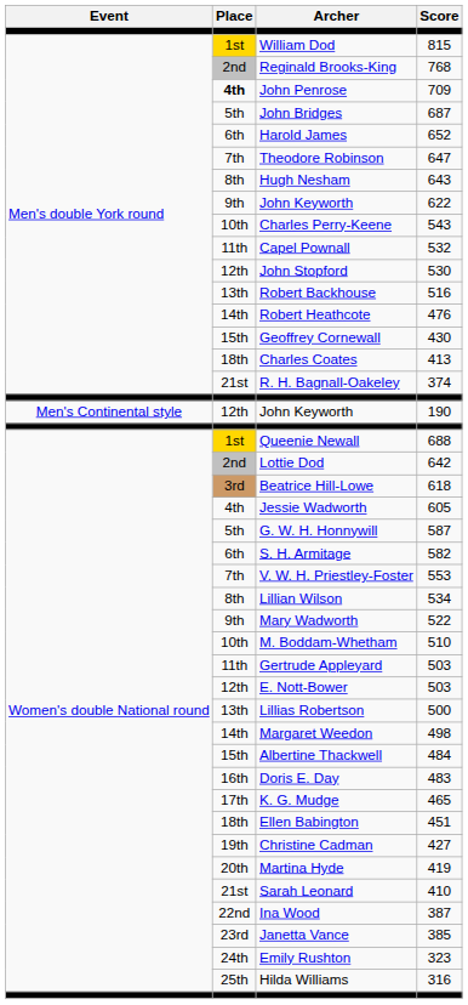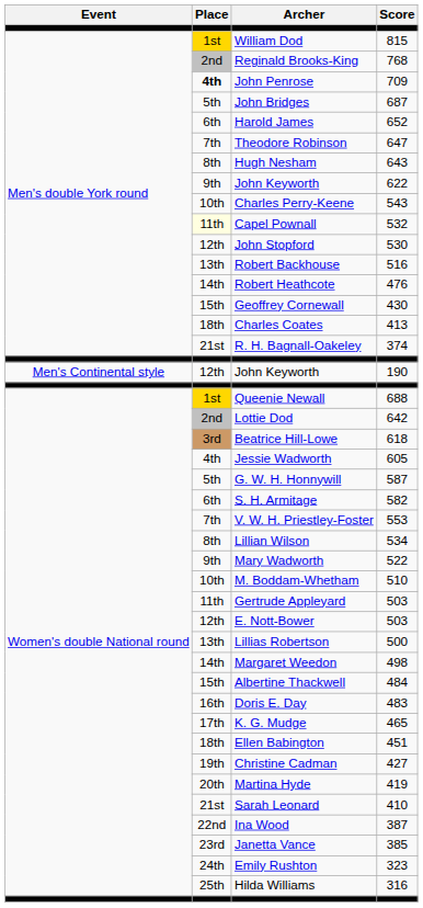 <table class=wikitable>
 <tr>
 <th>Event</th>
 <th>Place</th>
 <th>Archer</th>
 <th>Score</th>
 </tr>
 <tr bgcolor=black>
 <td></td>
 <td></td>
 <td></td>
 <td></td>
 </tr>
 <tr>
 <td rowspan=16 align=left><a href='#'>Men's double York round</a></td>
 <td bgcolor=gold align=center>1st</td>
 <td><a href='#'>William Dod</a></td>
 <td align=center>815</td>
 </tr>
 <tr>
 <td bgcolor=silver align=center>2nd</td>
 <td><a href='#'>Reginald Brooks-King</a></td>
 <td align=center>768</td>
 </tr>
 <tr>
 <td align=center><strong>4th</strong></td>
 <td><a href='#'>John Penrose</a></td>
 <td align=center>709</td>
 </tr>
 <tr>
 <td align=center>5th</td>
 <td><a href='#'>John Bridges</a></td>
 <td align=center>687</td>
 </tr>
 <tr>
 <td align=center>6th</td>
 <td><a href='#'>Harold James</a></td>
 <td align=center>652</td>
 </tr>
 <tr>
 <td align=center>7th</td>
 <td><a href='#'>Theodore Robinson</a></td>
 <td align=center>647</td>
 </tr>
 <tr>
 <td align=center>8th</td>
 <td><a href='#'>Hugh Nesham</a></td>
 <td align=center>643</td>
 </tr>
 <tr>
 <td align=center>9th</td>
 <td><a href='#'>John Keyworth</a></td>
 <td align=center>622</td>
 </tr>
 <tr>
 <td align=center>10th</td>
 <td><a href='#'>Charles Perry-Keene</a></td>
 <td align=center>543</td>
 </tr>
 <tr>
-<td align=center>11th</td>
+<td align=center style="background: lightyellow;">11th</td>
 <td><a href='#'>Capel Pownall</a></td>
 <td align=center>532</td>
 </tr>
 <tr>
 <td align=center>12th</td>
 <td><a href='#'>John Stopford</a></td>
 <td align=center>530</td>
 </tr>
 <tr>
 <td align=center>13th</td>
 <td><a href='#'>Robert Backhouse</a></td>
 <td align=center>516</td>
 </tr>
 <tr>
 <td align=center>14th</td>
 <td><a href='#'>Robert Heathcote</a></td>
 <td align=center>476</td>
 </tr>
 <tr>
 <td align=center>15th</td>
 <td><a href='#'>Geoffrey Cornewall</a></td>
 <td align=center>430</td>
 </tr>
 <tr>
 <td align=center>18th</td>
 <td><a href='#'>Charles Coates</a></td>
 <td align=center>413</td>
 </tr>
 <tr>
 <td align=center>21st</td>
 <td><a href='#'>R. H. Bagnall-Oakeley</a></td>
 <td align=center>374</td>
 </tr>
 <tr bgcolor=black>
 <td></td>
 <td></td>
 <td></td>
 <td></td>
 </tr>
 <tr>
 <td align=center align=left><a href='#'>Men's Continental style</a></td>
 <td align=center>12th</td>
 <td>John Keyworth</td>
 <td align=center>190</td>
 </tr>
 <tr bgcolor=black>
 <td></td>
 <td></td>
 <td></td>
 <td></td>
 </tr>
 <tr>
 <td rowspan=25 align=left><a href='#'>Women's double National round</a></td>
 <td bgcolor=gold align=center>1st</td>
 <td><a href='#'>Queenie Newall</a></td>
 <td align=center>688</td>
 </tr>
 <tr>
 <td bgcolor=silver align=center>2nd</td>
 <td><a href='#'>Lottie Dod</a></td>
 <td align=center>642</td>
 </tr>
 <tr>
 <td bgcolor=cc9966 align=center>3rd</td>
 <td><a href='#'>Beatrice Hill-Lowe</a></td>
 <td align=center>618</td>
 </tr>
 <tr>
 <td align=center>4th</td>
 <td><a href='#'>Jessie Wadworth</a></td>
 <td align=center>605</td>
 </tr>
 <tr>
 <td align=center>5th</td>
 <td><a href='#'>G. W. H. Honnywill</a></td>
 <td align=center>587</td>
 </tr>
 <tr>
 <td align=center>6th</td>
 <td><a href='#'>S. H. Armitage</a></td>
 <td align=center>582</td>
 </tr>
 <tr>
 <td align=center>7th</td>
 <td><a href='#'>V. W. H. Priestley-Foster</a></td>
 <td align=center>553</td>
 </tr>
 <tr>
 <td align=center>8th</td>
 <td><a href='#'>Lillian Wilson</a></td>
 <td align=center>534</td>
 </tr>
 <tr>
 <td align=center>9th</td>
 <td><a href='#'>Mary Wadworth</a></td>
 <td align=center>522</td>
 </tr>
 <tr>
 <td align=center>10th</td>
 <td><a href='#'>M. Boddam-Whetham</a></td>
 <td align=center>510</td>
 </tr>
 <tr>
 <td align=center>11th</td>
 <td><a href='#'>Gertrude Appleyard</a></td>
 <td align=center>503</td>
 </tr>
 <tr>
 <td align=center>12th</td>
 <td><a href='#'>E. Nott-Bower</a></td>
 <td align=center>503</td>
 </tr>
 <tr>
 <td align=center>13th</td>
 <td><a href='#'>Lillias Robertson</a></td>
 <td align=center>500</td>
 </tr>
 <tr>
 <td align=center>14th</td>
 <td><a href='#'>Margaret Weedon</a></td>
 <td align=center>498</td>
 </tr>
 <tr>
 <td align=center>15th</td>
 <td><a href='#'>Albertine Thackwell</a></td>
 <td align=center>484</td>
 </tr>
 <tr>
 <td align=center>16th</td>
 <td><a href='#'>Doris E. Day</a></td>
 <td align=center>483</td>
 </tr>
 <tr>
 <td align=center>17th</td>
 <td><a href='#'>K. G. Mudge</a></td>
 <td align=center>465</td>
 </tr>
 <tr>
 <td align=center>18th</td>
 <td><a href='#'>Ellen Babington</a></td>
 <td align=center>451</td>
 </tr>
 <tr>
 <td align=center>19th</td>
 <td><a href='#'>Christine Cadman</a></td>
 <td align=center>427</td>
 </tr>
 <tr>
 <td align=center>20th</td>
 <td><a href='#'>Martina Hyde</a></td>
 <td align=center>419</td>
 </tr>
 <tr>
 <td align=center>21st</td>
 <td><a href='#'>Sarah Leonard</a></td>
 <td align=center>410</td>
 </tr>
 <tr>
 <td align=center>22nd</td>
 <td><a href='#'>Ina Wood</a></td>
 <td align=center>387</td>
 </tr>
 <tr>
 <td align=center>23rd</td>
 <td><a href='#'>Janetta Vance</a></td>
 <td align=center>385</td>
 </tr>
 <tr>
 <td align=center>24th</td>
 <td><a href='#'>Emily Rushton</a></td>
 <td align=center>323</td>
 </tr>
 <tr>
 <td align=center>25th</td>
 <td>Hilda Williams</td>
 <td align=center>316</td>
 </tr>
 <tr bgcolor=black>
 <td></td>
 <td></td>
 <td></td>
 <td></td>
 </tr>
 </table>
